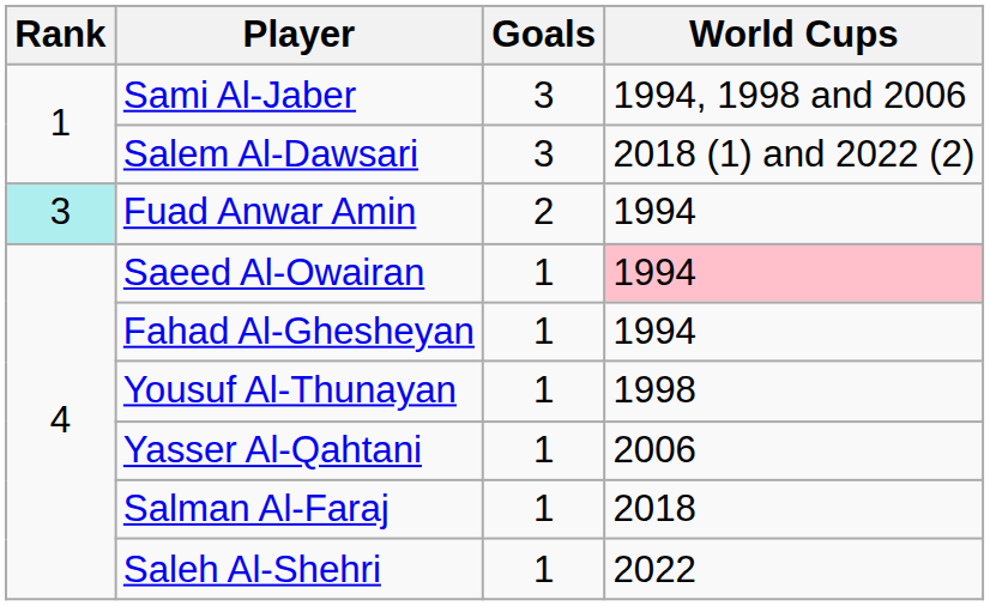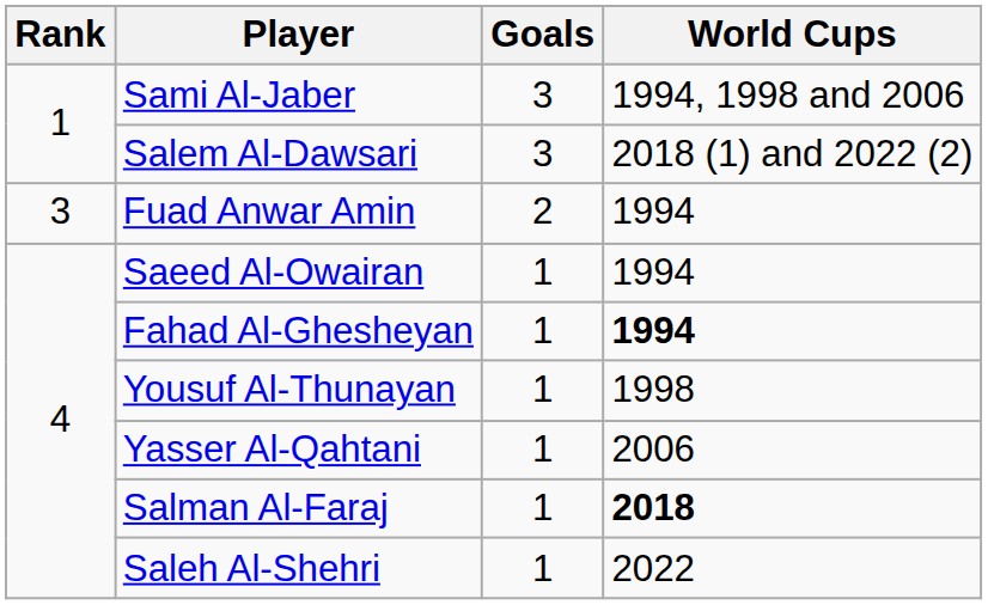 <table class="wikitable" style="text-align: left;">
 <tr>
 <th>Rank</th>
 <th>Player</th>
 <th>Goals</th>
 <th>World Cups</th>
 </tr>
 <tr>
 <td rowspan=2 align=center>1</td>
 <td><a href='#'>Sami Al-Jaber</a></td>
 <td align=center>3</td>
 <td>1994, 1998 and 2006</td>
 </tr>
 <tr>
 <td><a href='#'>Salem Al-Dawsari</a></td>
 <td align=center>3</td>
 <td>2018 (1) and 2022 (2)</td>
 </tr>
 <tr>
-<td align=center style="background: paleturquoise;">3</td>
+<td align=center>3</td>
 <td><a href='#'>Fuad Anwar Amin</a></td>
 <td align=center>2</td>
 <td>1994</td>
 </tr>
 <tr>
 <td rowspan=6 align=center>4</td>
 <td><a href='#'>Saeed Al-Owairan</a></td>
 <td align=center>1</td>
-<td style="background: pink;">1994</td>
+<td>1994</td>
 </tr>
 <tr>
 <td><a href='#'>Fahad Al-Ghesheyan</a></td>
 <td align=center>1</td>
-<td>1994</td>
+<td><strong>1994</strong></td>
 </tr>
 <tr>
 <td><a href='#'>Yousuf Al-Thunayan</a></td>
 <td align=center>1</td>
 <td>1998</td>
 </tr>
 <tr>
 <td><a href='#'>Yasser Al-Qahtani</a></td>
 <td align=center>1</td>
 <td>2006</td>
 </tr>
 <tr>
 <td><a href='#'>Salman Al-Faraj</a></td>
 <td align=center>1</td>
-<td>2018</td>
+<td><strong>2018</strong></td>
 </tr>
 <tr>
 <td><a href='#'>Saleh Al-Shehri</a></td>
 <td align=center>1</td>
 <td>2022</td>
 </tr>
 </table>
